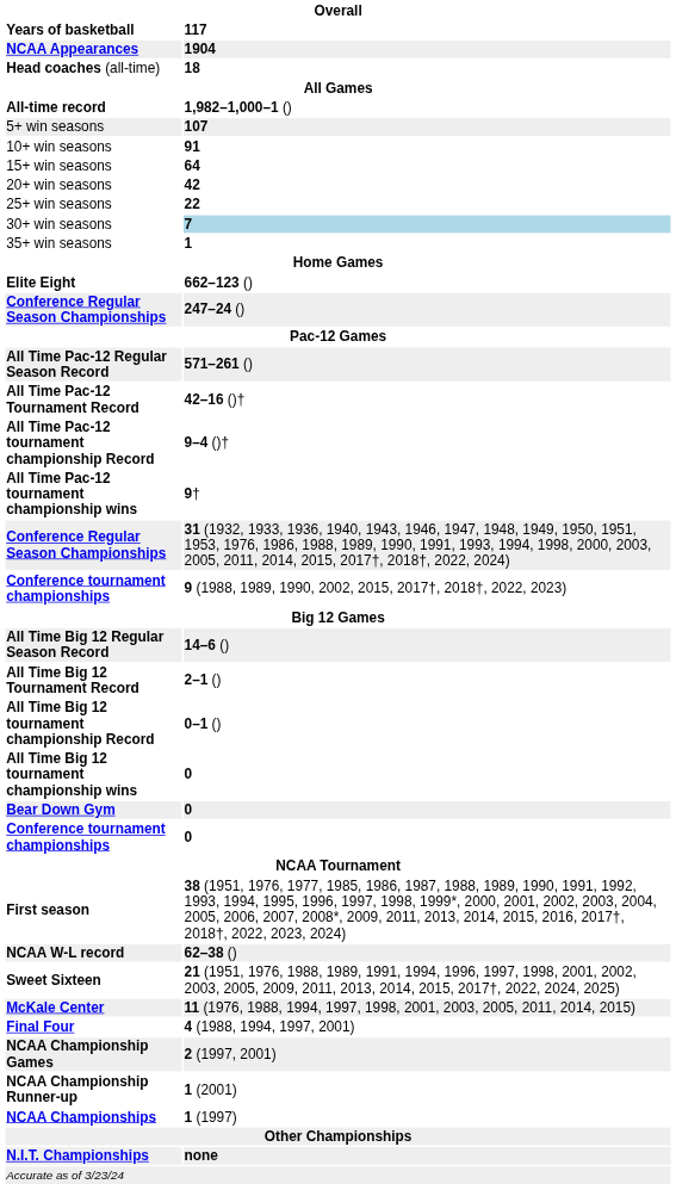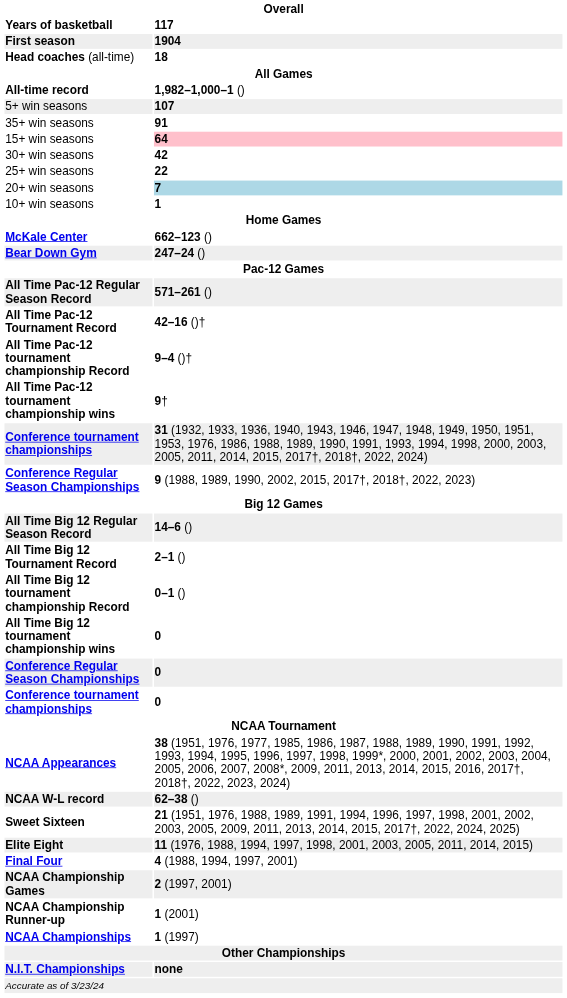 <table width=60% class="toccolours">
 <tr>
 <th colspan=2 style=>Overall</th>
 </tr>
 <tr>
 <td><strong>Years of basketball</strong></td>
 <td><strong>117</strong></td>
 </tr>
 <tr bgcolor=#eeeeee>
-<td><strong><a href='#'>NCAA Appearances</a></strong></td>
+<td><strong>First season</strong></td>
 <td><strong>1904</strong></td>
 </tr>
 <tr>
 <td><strong>Head coaches</strong> (all-time)</td>
 <td><strong>18</strong></td>
 </tr>
 <tr>
 <th colspan=2 style=>All Games</th>
 </tr>
 <tr>
 <td><strong>All-time record</strong></td>
 <td><strong>1,982–1,000–1</strong> ()</td>
 </tr>
 <tr bgcolor=#eeeeee>
 <td>5+ win seasons</td>
 <td><strong>107</strong></td>
 </tr>
 <tr>
-<td>10+ win seasons</td>
+<td>35+ win seasons</td>
 <td><strong>91</strong></td>
 </tr>
 <tr>
 <td>15+ win seasons</td>
-<td><strong>64</strong></td>
+<td style="background: pink;"><strong>64</strong></td>
 </tr>
 <tr>
-<td>20+ win seasons</td>
+<td>30+ win seasons</td>
 <td><strong>42</strong></td>
 </tr>
 <tr>
 <td>25+ win seasons</td>
 <td><strong>22</strong></td>
 </tr>
 <tr>
-<td>30+ win seasons</td>
+<td>20+ win seasons</td>
 <td style="background: lightblue;"><strong>7</strong></td>
 </tr>
 <tr>
-<td>35+ win seasons</td>
+<td>10+ win seasons</td>
 <td><strong>1</strong></td>
 </tr>
 <tr>
 <th colspan=2 style=>Home Games</th>
 </tr>
 <tr>
-<td><strong>Elite Eight</strong></td>
+<td><strong><a href='#'>McKale Center</a></strong></td>
 <td><strong>662–123</strong> ()</td>
 </tr>
 <tr bgcolor=#eeeeee>
-<td><strong><a href='#'>Conference Regular Season Championships</a></strong></td>
+<td><strong><a href='#'>Bear Down Gym</a></strong></td>
 <td><strong>247–24</strong> ()</td>
 </tr>
 <tr>
 <th colspan=2 style=>Pac-12 Games</th>
 </tr>
 <tr bgcolor=#eeeeee>
 <td><strong>All Time Pac-12 Regular Season Record</strong></td>
 <td><strong>571–261</strong> ()</td>
 </tr>
 <tr>
 <td><strong>All Time Pac-12 Tournament Record</strong></td>
 <td><strong>42–16</strong> ()†</td>
 </tr>
 <tr>
 <td><strong>All Time Pac-12 tournament championship Record</strong></td>
 <td><strong>9–4</strong> ()†</td>
 </tr>
 <tr>
 <td><strong>All Time Pac-12 tournament championship wins</strong></td>
 <td><strong>9</strong>†</td>
 </tr>
 <tr bgcolor=#eeeeee>
-<td><strong><a href='#'>Conference Regular Season Championships</a></strong></td>
+<td><strong><a href='#'>Conference tournament championships</a></strong></td>
 <td><strong>31</strong> (1932, 1933, 1936, 1940, 1943, 1946, 1947, 1948, 1949, 1950, 1951, 1953, 1976, 1986, 1988, 1989, 1990, 1991, 1993, 1994, 1998, 2000, 2003, 2005, 2011, 2014, 2015, 2017†, 2018†, 2022, 2024)</td>
 </tr>
 <tr>
-<td><strong><a href='#'>Conference tournament championships</a></strong></td>
+<td><strong><a href='#'>Conference Regular Season Championships</a></strong></td>
 <td><strong>9</strong> (1988, 1989, 1990, 2002, 2015, 2017†, 2018†, 2022, 2023)</td>
 </tr>
 <tr bgcolor=#eeeeee>
 </tr>
 <tr>
 <th colspan=2 style=>Big 12 Games</th>
 </tr>
 <tr bgcolor=#eeeeee>
 <td><strong>All Time Big 12 Regular Season Record</strong></td>
 <td><strong>14–6</strong> ()</td>
 </tr>
 <tr>
 <td><strong>All Time Big 12 Tournament Record</strong></td>
 <td><strong>2–1</strong> ()</td>
 </tr>
 <tr>
 <td><strong>All Time Big 12 tournament championship Record</strong></td>
 <td><strong>0–1</strong> ()</td>
 </tr>
 <tr>
 <td><strong>All Time Big 12 tournament championship wins</strong></td>
 <td><strong>0</strong></td>
 </tr>
 <tr bgcolor=#eeeeee>
-<td><strong><a href='#'>Bear Down Gym</a></strong></td>
+<td><strong><a href='#'>Conference Regular Season Championships</a></strong></td>
 <td><strong>0</strong></td>
 </tr>
 <tr>
 <td><strong><a href='#'>Conference tournament championships</a></strong></td>
 <td><strong>0</strong></td>
 </tr>
 <tr bgcolor=#eeeeee>
 </tr>
 <tr>
 <th colspan=2 style=>NCAA Tournament</th>
 </tr>
 <tr>
-<td><strong>First season</strong></td>
+<td><strong><a href='#'>NCAA Appearances</a></strong></td>
 <td><strong>38</strong> (1951, 1976, 1977, 1985, 1986, 1987, 1988, 1989, 1990, 1991, 1992, 1993, 1994, 1995, 1996, 1997, 1998, 1999*, 2000, 2001, 2002, 2003, 2004, 2005, 2006, 2007, 2008*, 2009, 2011, 2013, 2014, 2015, 2016, 2017†, 2018†, 2022, 2023, 2024)</td>
 </tr>
 <tr bgcolor=#eeeeee>
 <td><strong>NCAA W-L record</strong></td>
 <td><strong>62–38</strong> ()</td>
 </tr>
 <tr>
 <td><strong>Sweet Sixteen</strong></td>
 <td><strong>21</strong> (1951, 1976, 1988, 1989, 1991, 1994, 1996, 1997, 1998, 2001, 2002, 2003, 2005, 2009, 2011, 2013, 2014, 2015, 2017†, 2022, 2024, 2025)</td>
 </tr>
 <tr bgcolor=#eeeeee>
-<td><strong><a href='#'>McKale Center</a></strong></td>
+<td><strong>Elite Eight</strong></td>
 <td><strong>11</strong> (1976, 1988, 1994, 1997, 1998, 2001, 2003, 2005, 2011, 2014, 2015)</td>
 </tr>
 <tr>
 <td><strong><a href='#'>Final Four</a></strong></td>
 <td><strong>4</strong> (1988, 1994, 1997, 2001)</td>
 </tr>
 <tr bgcolor=#eeeeee>
 <td><strong>NCAA Championship Games</strong></td>
 <td><strong>2</strong> (1997, 2001)</td>
 </tr>
 <tr>
 <td><strong>NCAA Championship Runner-up</strong></td>
 <td><strong>1</strong> (2001)</td>
 </tr>
 <tr>
 <td><strong><a href='#'>NCAA Championships</a></strong></td>
 <td><strong>1</strong> (1997)</td>
 </tr>
 <tr bgcolor=#eeeeee>
 <th colspan=2 style=>Other Championships</th>
 </tr>
 <tr bgcolor=#eeeeee>
 <td><strong><a href='#'>N.I.T. Championships</a></strong></td>
 <td><strong>none</strong></td>
 </tr>
 <tr>
 <td colspan=2 bgcolor=#eeeeee><small><em>Accurate as of 3/23/24</em></small></td>
 </tr>
 <tr>
 </tr>
 </table>
